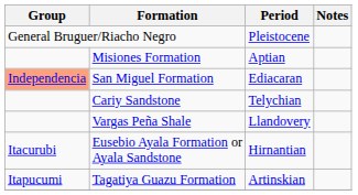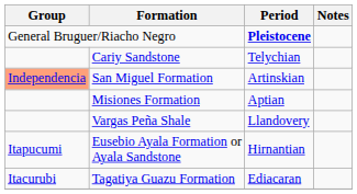 <table class="wikitable sortable">
 <tr>
 <th>Group</th>
 <th>Formation</th>
 <th>Period</th>
 <th class="unsortable">Notes</th>
 </tr>
 <tr>
 <td colspan=2>General Bruguer/Riacho Negro</td>
-<td style="background-color: "><a href='#'>Pleistocene</a></td>
+<td style="background-color: "><strong><a href='#'>Pleistocene</a></strong></td>
+<td align=center></td>
+</tr>
+<tr>
+<td></td>
+<td><a href='#'>Cariy Sandstone</a></td>
+<td style="background-color: "><a href='#'>Telychian</a></td>
+<td align=center></td>
+</tr>
+<tr>
+<td style="background: lightsalmon;"><a href='#'>Independencia</a></td>
+<td><a href='#'>San Miguel Formation</a></td>
+<td style="background-color: "><a href='#'>Artinskian</a></td>
 <td align=center></td>
 </tr>
 <tr>
 <td></td>
 <td><a href='#'>Misiones Formation</a></td>
 <td style="background-color: "><a href='#'>Aptian</a></td>
 <td align=center></td>
 </tr>
 <tr>
-<td style="background: lightsalmon;"><a href='#'>Independencia</a></td>
-<td><a href='#'>San Miguel Formation</a></td>
-<td style="background-color: "><a href='#'>Ediacaran</a></td>
-<td align=center></td>
-</tr>
-<tr>
-<td></td>
-<td><a href='#'>Cariy Sandstone</a></td>
-<td style="background-color: "><a href='#'>Telychian</a></td>
-<td align=center></td>
-</tr>
-<tr>
 <td></td>
 <td><a href='#'>Vargas Peña Shale</a></td>
 <td style="background-color: "><a href='#'>Llandovery</a></td>
 <td align=center></td>
 </tr>
 <tr>
-<td><a href='#'>Itacurubi</a></td>
+<td><a href='#'>Itapucumi</a></td>
 <td><a href='#'>Eusebio Ayala Formation</a> or<br><a href='#'>Ayala Sandstone</a></td>
 <td style="background-color: "><a href='#'>Hirnantian</a></td>
 <td align=center></td>
 </tr>
 <tr>
-<td><a href='#'>Itapucumi</a></td>
+<td><a href='#'>Itacurubi</a></td>
 <td><a href='#'>Tagatiya Guazu Formation</a></td>
-<td style="background-color: "><a href='#'>Artinskian</a></td>
+<td style="background-color: "><a href='#'>Ediacaran</a></td>
 <td align=center></td>
 </tr>
 <tr>
 </tr>
 </table>
